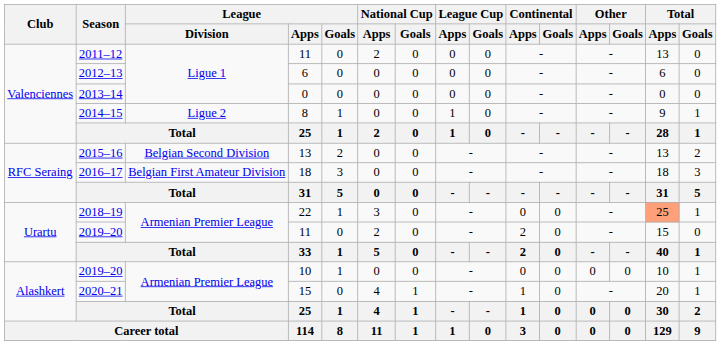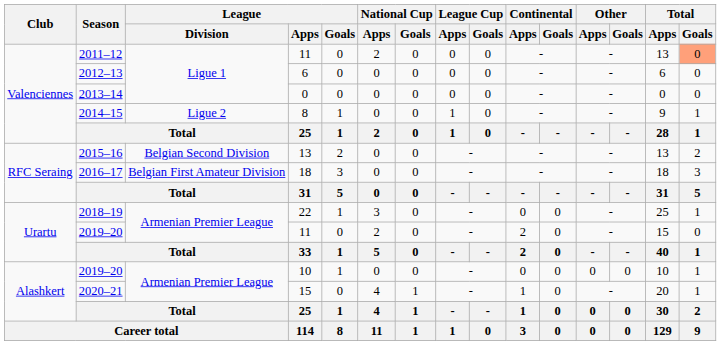 <table class="wikitable" style="text-align: center">
 <tr>
 <th rowspan="2">Club</th>
 <th rowspan="2">Season</th>
 <th colspan="3">League</th>
 <th colspan="2">National Cup</th>
 <th colspan="2">League Cup</th>
 <th colspan="2">Continental</th>
 <th colspan="2">Other</th>
 <th colspan="2">Total</th>
 </tr>
 <tr>
 <th>Division</th>
 <th>Apps</th>
 <th>Goals</th>
 <th>Apps</th>
 <th>Goals</th>
 <th>Apps</th>
 <th>Goals</th>
 <th>Apps</th>
 <th>Goals</th>
 <th>Apps</th>
 <th>Goals</th>
 <th>Apps</th>
 <th>Goals</th>
 </tr>
 <tr>
 <td rowspan="5"><a href='#'>Valenciennes</a></td>
 <td><a href='#'>2011–12</a></td>
 <td rowspan="3"><a href='#'>Ligue 1</a></td>
 <td>11</td>
 <td>0</td>
 <td>2</td>
 <td>0</td>
 <td>0</td>
 <td>0</td>
 <td colspan="2">-</td>
 <td colspan="2">-</td>
 <td>13</td>
-<td>0</td>
+<td style="background: lightsalmon;">0</td>
 </tr>
 <tr>
 <td><a href='#'>2012–13</a></td>
 <td>6</td>
 <td>0</td>
 <td>0</td>
 <td>0</td>
 <td>0</td>
 <td>0</td>
 <td colspan="2">-</td>
 <td colspan="2">-</td>
 <td>6</td>
 <td>0</td>
 </tr>
 <tr>
 <td><a href='#'>2013–14</a></td>
 <td>0</td>
 <td>0</td>
 <td>0</td>
 <td>0</td>
 <td>0</td>
 <td>0</td>
 <td colspan="2">-</td>
 <td colspan="2">-</td>
 <td>0</td>
 <td>0</td>
 </tr>
 <tr>
 <td><a href='#'>2014–15</a></td>
 <td><a href='#'>Ligue 2</a></td>
 <td>8</td>
 <td>1</td>
 <td>0</td>
 <td>0</td>
 <td>1</td>
 <td>0</td>
 <td colspan="2">-</td>
 <td colspan="2">-</td>
 <td>9</td>
 <td>1</td>
 </tr>
 <tr>
 <th colspan="2">Total</th>
 <th>25</th>
 <th>1</th>
 <th>2</th>
 <th>0</th>
 <th>1</th>
 <th>0</th>
 <th>-</th>
 <th>-</th>
 <th>-</th>
 <th>-</th>
 <th>28</th>
 <th>1</th>
 </tr>
 <tr>
 <td rowspan="3"><a href='#'>RFC Seraing</a></td>
 <td><a href='#'>2015–16</a></td>
 <td><a href='#'>Belgian Second Division</a></td>
 <td>13</td>
 <td>2</td>
 <td>0</td>
 <td>0</td>
 <td colspan="2">-</td>
 <td colspan="2">-</td>
 <td colspan="2">-</td>
 <td>13</td>
 <td>2</td>
 </tr>
 <tr>
 <td><a href='#'>2016–17</a></td>
 <td><a href='#'>Belgian First Amateur Division</a></td>
 <td>18</td>
 <td>3</td>
 <td>0</td>
 <td>0</td>
 <td colspan="2">-</td>
 <td colspan="2">-</td>
 <td colspan="2">-</td>
 <td>18</td>
 <td>3</td>
 </tr>
 <tr>
 <th colspan="2">Total</th>
 <th>31</th>
 <th>5</th>
 <th>0</th>
 <th>0</th>
 <th>-</th>
 <th>-</th>
 <th>-</th>
 <th>-</th>
 <th>-</th>
 <th>-</th>
 <th>31</th>
 <th>5</th>
 </tr>
 <tr>
 <td rowspan="3"><a href='#'>Urartu</a></td>
 <td><a href='#'>2018–19</a></td>
 <td rowspan="2"><a href='#'>Armenian Premier League</a></td>
 <td>22</td>
 <td>1</td>
 <td>3</td>
 <td>0</td>
 <td colspan="2">-</td>
 <td>0</td>
 <td>0</td>
 <td colspan="2">-</td>
-<td style="background: lightsalmon;">25</td>
+<td>25</td>
 <td>1</td>
 </tr>
 <tr>
 <td><a href='#'>2019–20</a></td>
 <td>11</td>
 <td>0</td>
 <td>2</td>
 <td>0</td>
 <td colspan="2">-</td>
 <td>2</td>
 <td>0</td>
 <td colspan="2">-</td>
 <td>15</td>
 <td>0</td>
 </tr>
 <tr>
 <th colspan="2">Total</th>
 <th>33</th>
 <th>1</th>
 <th>5</th>
 <th>0</th>
 <th>-</th>
 <th>-</th>
 <th>2</th>
 <th>0</th>
 <th>-</th>
 <th>-</th>
 <th>40</th>
 <th>1</th>
 </tr>
 <tr>
 <td rowspan="3"><a href='#'>Alashkert</a></td>
 <td><a href='#'>2019–20</a></td>
 <td rowspan="2"><a href='#'>Armenian Premier League</a></td>
 <td>10</td>
 <td>1</td>
 <td>0</td>
 <td>0</td>
 <td colspan="2">-</td>
 <td>0</td>
 <td>0</td>
 <td>0</td>
 <td>0</td>
 <td>10</td>
 <td>1</td>
 </tr>
 <tr>
 <td><a href='#'>2020–21</a></td>
 <td>15</td>
 <td>0</td>
 <td>4</td>
 <td>1</td>
 <td colspan="2">-</td>
 <td>1</td>
 <td>0</td>
 <td colspan="2">-</td>
 <td>20</td>
 <td>1</td>
 </tr>
 <tr>
 <th colspan="2">Total</th>
 <th>25</th>
 <th>1</th>
 <th>4</th>
 <th>1</th>
 <th>-</th>
 <th>-</th>
 <th>1</th>
 <th>0</th>
 <th>0</th>
 <th>0</th>
 <th>30</th>
 <th>2</th>
 </tr>
 <tr>
 <th colspan="3">Career total</th>
 <th>114</th>
 <th>8</th>
 <th>11</th>
 <th>1</th>
 <th>1</th>
 <th>0</th>
 <th>3</th>
 <th>0</th>
 <th>0</th>
 <th>0</th>
 <th>129</th>
 <th>9</th>
 </tr>
 </table>
